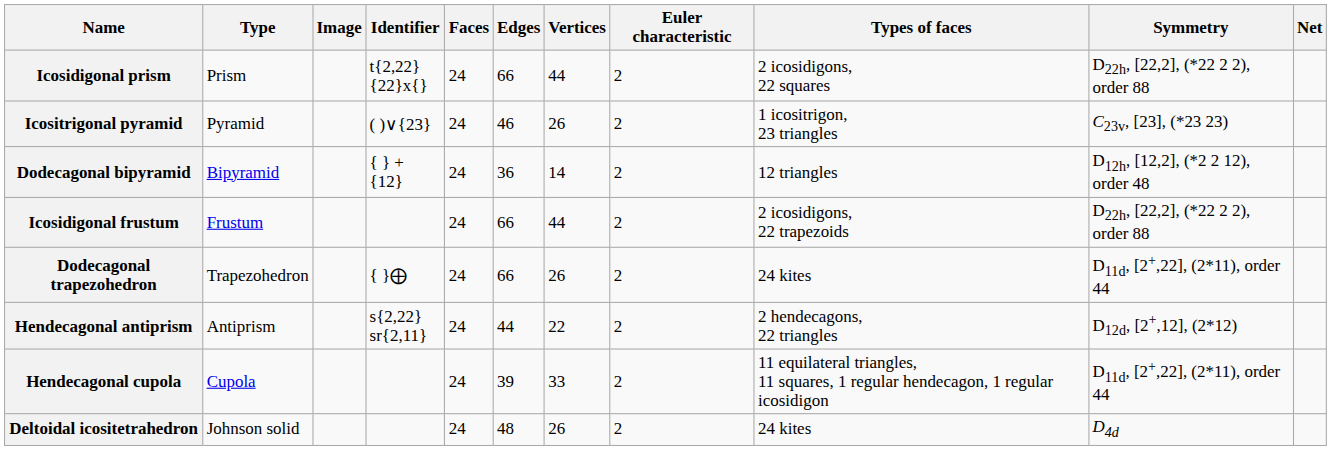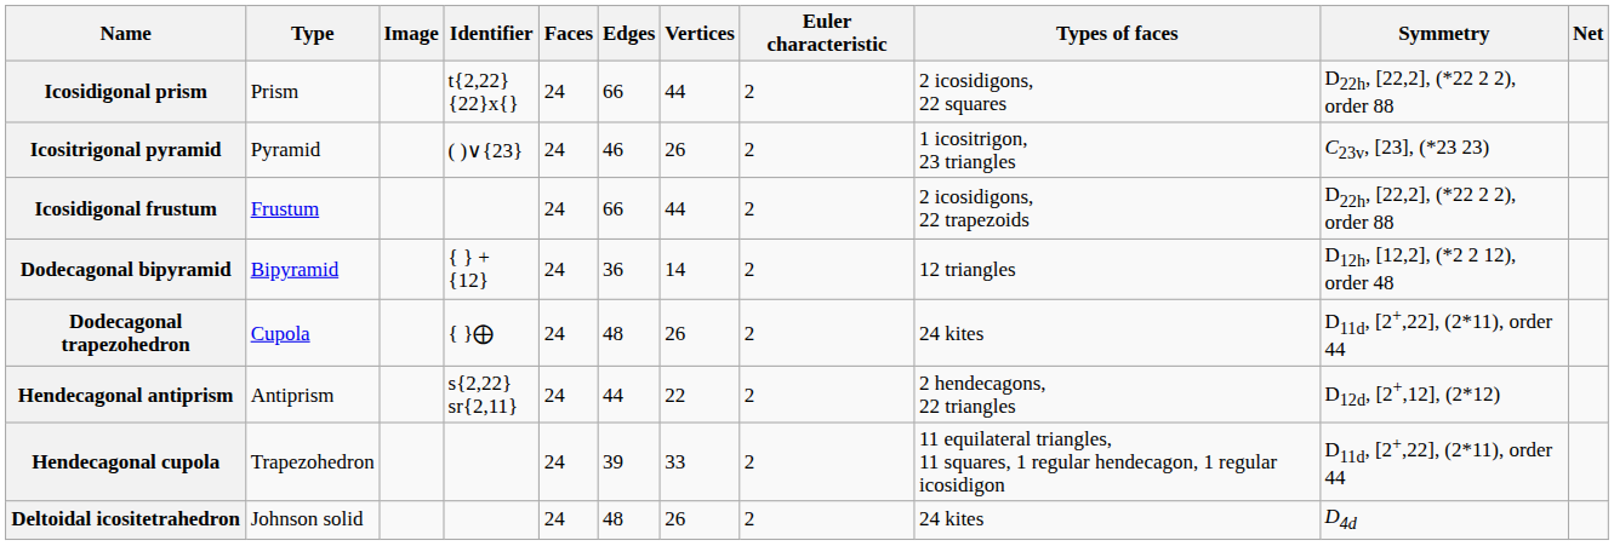 <table class="wikitable sortable">
 <tr>
 <th>Name</th>
 <th>Type</th>
 <th>Image</th>
 <th>Identifier</th>
 <th>Faces</th>
 <th>Edges</th>
 <th>Vertices</th>
 <th>Euler characteristic</th>
 <th>Types of faces</th>
 <th>Symmetry</th>
 <th>Net</th>
 </tr>
 <tr>
 <th>Icosidigonal prism</th>
 <td>Prism</td>
 <td></td>
 <td>t{2,22}<br>{22}x{} </td>
 <td>24</td>
 <td>66</td>
 <td>44</td>
 <td>2</td>
 <td>2 icosidigons,<br>22 squares</td>
 <td>D<sub>22h</sub>, [22,2], (*22 2 2), order 88</td>
 <td></td>
 </tr>
 <tr>
 <th>Icositrigonal pyramid</th>
 <td>Pyramid</td>
 <td></td>
 <td>( )∨{23}</td>
 <td>24</td>
 <td>46</td>
 <td>26</td>
 <td>2</td>
 <td>1 icositrigon,<br>23 triangles</td>
 <td><em>C</em><sub>23v</sub>, [23], (*23 23)</td>
 <td></td>
 </tr>
 <tr>
+<th>Icosidigonal <strong>frustum</strong></th>
+<td><a href='#'>Frustum</a></td>
+<td></td>
+<td></td>
+<td>24</td>
+<td>66</td>
+<td>44</td>
+<td>2</td>
+<td>2 icosidigons,<br>22 trapezoids</td>
+<td>D<sub>22h</sub>, [22,2], (*22 2 2), order 88</td>
+<td></td>
+</tr>
+<tr>
 <th>Dodecagonal bipyramid</th>
 <td><a href='#'>Bipyramid</a></td>
 <td></td>
 <td>{ } + {12}<br></td>
 <td>24</td>
 <td>36</td>
 <td>14</td>
 <td>2</td>
 <td>12 triangles</td>
 <td>D<sub>12h</sub>, [12,2], (*2 2 12), order 48</td>
 <td></td>
 </tr>
 <tr>
-<th>Icosidigonal <strong>frustum</strong></th>
-<td><a href='#'>Frustum</a></td>
-<td></td>
-<td></td>
-<td>24</td>
-<td>66</td>
-<td>44</td>
-<td>2</td>
-<td>2 icosidigons,<br>22 trapezoids</td>
-<td>D<sub>22h</sub>, [22,2], (*22 2 2), order 88</td>
-<td></td>
-</tr>
-<tr>
 <th>Dodecagonal trapezohedron</th>
-<td>Trapezohedron</td>
+<td><a href='#'>Cupola</a></td>
 <td></td>
 <td>{ }⨁</td>
 <td>24</td>
-<td>66</td>
+<td>48</td>
 <td>26</td>
 <td>2</td>
 <td>24 kites</td>
 <td>D<sub>11d</sub>, [2<sup>+</sup>,22], (2*11), order 44</td>
 <td></td>
 </tr>
 <tr>
 <th>Hendecagonal antiprism</th>
 <td>Antiprism</td>
 <td></td>
 <td>s{2,22}<br>sr{2,11}  </td>
 <td>24</td>
 <td>44</td>
 <td>22</td>
 <td>2</td>
 <td>2 hendecagons,<br>22 triangles</td>
 <td>D<sub>12d</sub>, [2<sup>+</sup>,12], (2*12)</td>
 <td></td>
 </tr>
 <tr>
 <th>Hendecagonal cupola</th>
-<td><a href='#'>Cupola</a></td>
+<td>Trapezohedron</td>
 <td></td>
 <td></td>
 <td>24</td>
 <td>39</td>
 <td>33</td>
 <td>2</td>
 <td>11 equilateral triangles,<br>11 squares,  1 regular hendecagon, 1 regular icosidigon</td>
 <td>D<sub>11d</sub>, [2<sup>+</sup>,22], (2*11), order 44</td>
 <td></td>
 </tr>
 <tr>
 <th>Deltoidal icositetrahedron</th>
 <td>Johnson solid</td>
 <td></td>
 <td></td>
 <td>24</td>
 <td>48</td>
 <td>26</td>
 <td>2</td>
 <td>24 kites</td>
 <td><em>D<sub>4d</sub></em></td>
 <td></td>
 </tr>
 </table>
